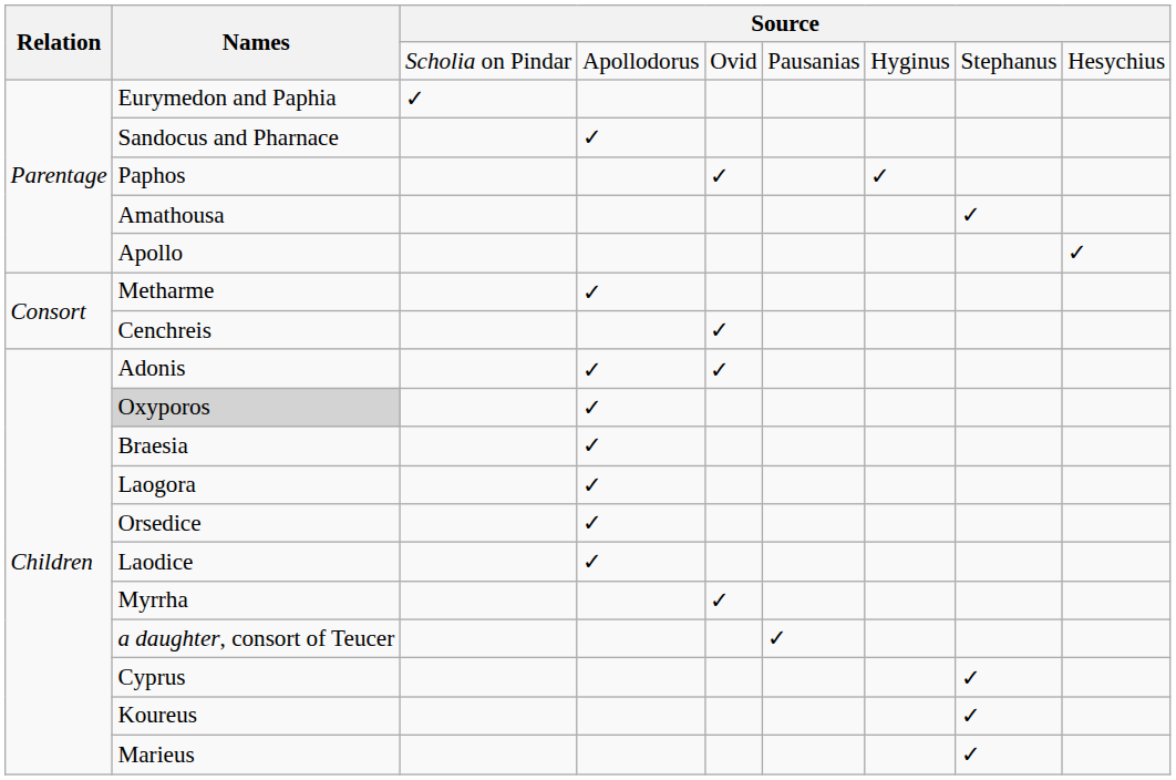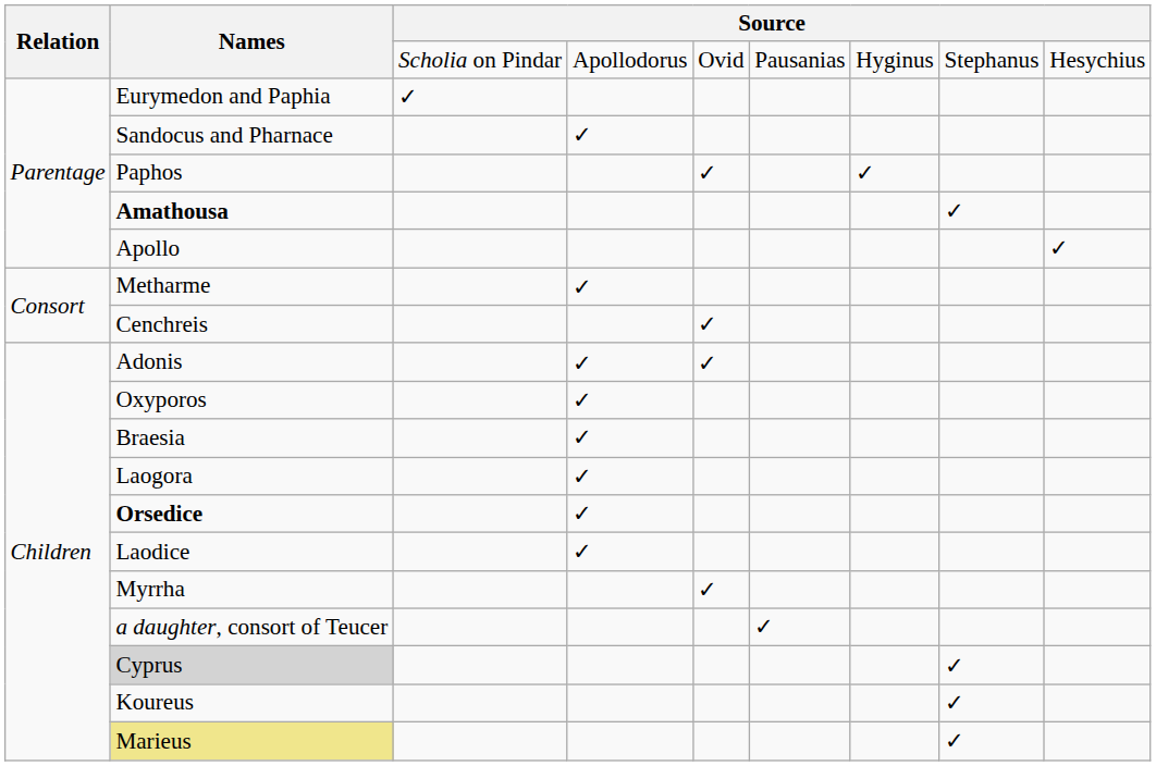 <table class="wikitable">
 <tr>
 <th rowspan="2">Relation</th>
 <th rowspan="2">Names</th>
 <th colspan="7">Source</th>
 </tr>
 <tr>
 <td><em>Scholia</em> on Pindar</td>
 <td>Apollodorus</td>
 <td>Ovid</td>
 <td>Pausanias</td>
 <td>Hyginus</td>
 <td>Stephanus</td>
 <td>Hesychius</td>
 </tr>
 <tr>
 <td rowspan="5"><em>Parentage</em></td>
 <td>Eurymedon and Paphia</td>
 <td>✓</td>
 <td></td>
 <td></td>
 <td></td>
 <td></td>
 <td></td>
 <td></td>
 </tr>
 <tr>
 <td>Sandocus and Pharnace</td>
 <td></td>
 <td>✓</td>
 <td></td>
 <td></td>
 <td></td>
 <td></td>
 <td></td>
 </tr>
 <tr>
 <td>Paphos</td>
 <td></td>
 <td></td>
 <td>✓</td>
 <td></td>
 <td>✓</td>
 <td></td>
 <td></td>
 </tr>
 <tr>
-<td>Amathousa</td>
+<td><strong>Amathousa</strong></td>
 <td></td>
 <td></td>
 <td></td>
 <td></td>
 <td></td>
 <td>✓</td>
 <td></td>
 </tr>
 <tr>
 <td>Apollo</td>
 <td></td>
 <td></td>
 <td></td>
 <td></td>
 <td></td>
 <td></td>
 <td>✓</td>
 </tr>
 <tr>
 <td rowspan="2"><em>Consort</em></td>
 <td>Metharme</td>
 <td></td>
 <td>✓</td>
 <td></td>
 <td></td>
 <td></td>
 <td></td>
 <td></td>
 </tr>
 <tr>
 <td>Cenchreis</td>
 <td></td>
 <td></td>
 <td>✓</td>
 <td></td>
 <td></td>
 <td></td>
 <td></td>
 </tr>
 <tr>
 <td rowspan="11"><em>Children</em></td>
 <td>Adonis</td>
 <td></td>
 <td>✓</td>
 <td>✓</td>
 <td></td>
 <td></td>
 <td></td>
 <td></td>
 </tr>
 <tr>
-<td style="background: lightgrey;">Oxyporos</td>
+<td>Oxyporos</td>
 <td></td>
 <td>✓</td>
 <td></td>
 <td></td>
 <td></td>
 <td></td>
 <td></td>
 </tr>
 <tr>
 <td>Braesia</td>
 <td></td>
 <td>✓</td>
 <td></td>
 <td></td>
 <td></td>
 <td></td>
 <td></td>
 </tr>
 <tr>
 <td>Laogora</td>
 <td></td>
 <td>✓</td>
 <td></td>
 <td></td>
 <td></td>
 <td></td>
 <td></td>
 </tr>
 <tr>
-<td>Orsedice</td>
+<td><strong>Orsedice</strong></td>
 <td></td>
 <td>✓</td>
 <td></td>
 <td></td>
 <td></td>
 <td></td>
 <td></td>
 </tr>
 <tr>
 <td>Laodice</td>
 <td></td>
 <td>✓</td>
 <td></td>
 <td></td>
 <td></td>
 <td></td>
 <td></td>
 </tr>
 <tr>
 <td>Myrrha</td>
 <td></td>
 <td></td>
 <td>✓</td>
 <td></td>
 <td></td>
 <td></td>
 <td></td>
 </tr>
 <tr>
 <td><em>a daughter</em>, consort of Teucer</td>
 <td></td>
 <td></td>
 <td></td>
 <td>✓</td>
 <td></td>
 <td></td>
 <td></td>
 </tr>
 <tr>
-<td>Cyprus</td>
+<td style="background: lightgrey;">Cyprus</td>
 <td></td>
 <td></td>
 <td></td>
 <td></td>
 <td></td>
 <td>✓</td>
 <td></td>
 </tr>
 <tr>
 <td>Koureus</td>
 <td></td>
 <td></td>
 <td></td>
 <td></td>
 <td></td>
 <td>✓</td>
 <td></td>
 </tr>
 <tr>
-<td>Marieus</td>
+<td style="background: khaki;">Marieus</td>
 <td></td>
 <td></td>
 <td></td>
 <td></td>
 <td></td>
 <td>✓</td>
 <td></td>
 </tr>
 </table>
